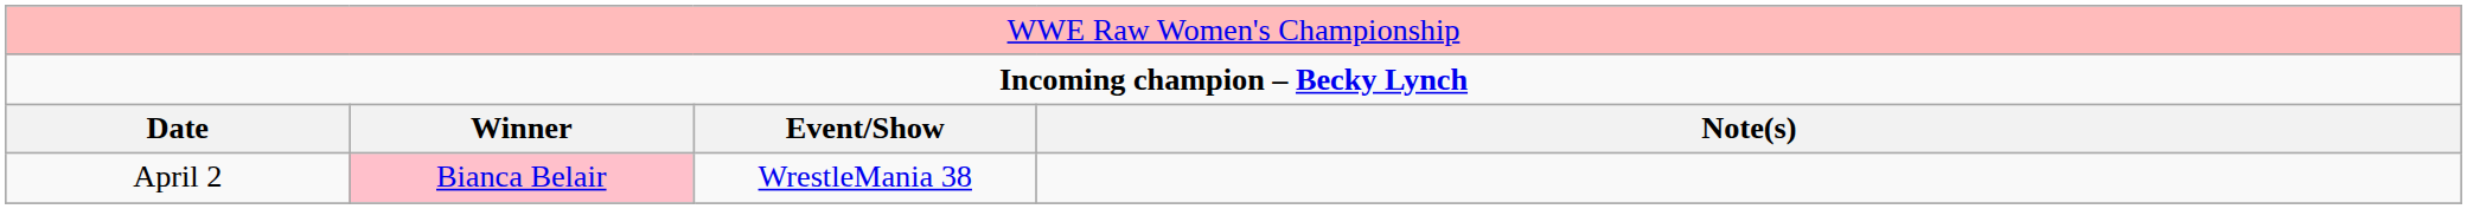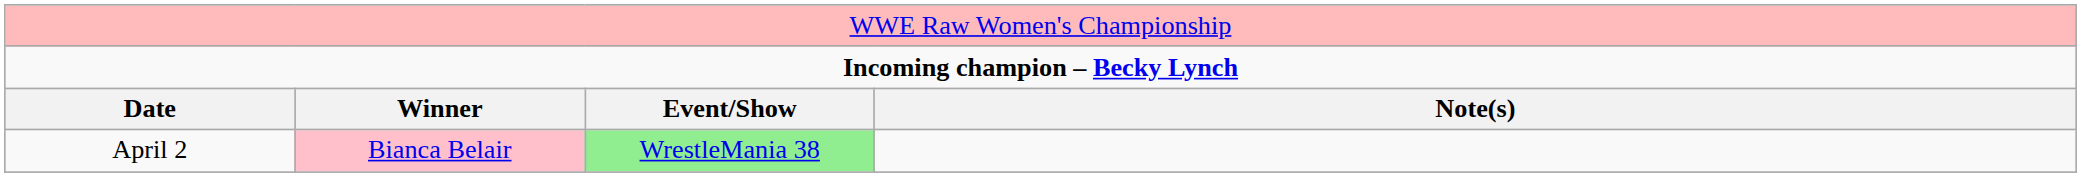 <table class="wikitable" style="text-align:center; width:100%;">
 <tr style="background:#FBB;">
 <td colspan="4" style="text-align: center;"><a href='#'>WWE Raw Women's Championship</a></td>
 </tr>
 <tr>
 <td colspan="4" style="text-align: center;"><strong>Incoming champion – <a href='#'>Becky Lynch</a></strong></td>
 </tr>
 <tr>
 <th width=14%>Date</th>
 <th width=14%>Winner</th>
 <th width=14%>Event/Show</th>
 <th width=58%>Note(s)</th>
 </tr>
 <tr>
 <td>April 2</td>
 <td style="background: pink;"><a href='#'>Bianca Belair</a></td>
-<td><a href='#'>WrestleMania 38</a><br></td>
+<td style="background: lightgreen;"><a href='#'>WrestleMania 38</a><br></td>
 <td></td>
 </tr>
 </table>
